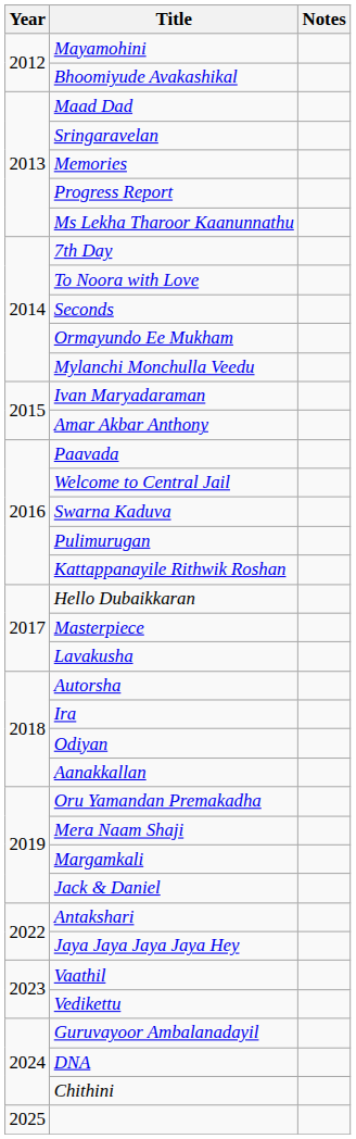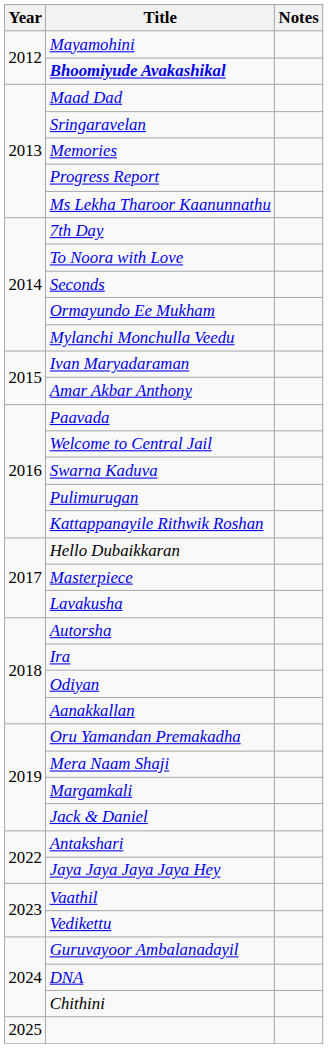 <table class="wikitable sortable">
 <tr>
 <th>Year</th>
 <th>Title</th>
 <th clas="unsortable">Notes</th>
 </tr>
 <tr>
 <td rowspan=2>2012</td>
 <td><em><a href='#'>Mayamohini</a></em></td>
 <td></td>
 </tr>
 <tr>
-<td><em><a href='#'>Bhoomiyude Avakashikal</a></em></td>
+<td><strong><em><a href='#'>Bhoomiyude Avakashikal</a></em></strong></td>
 <td></td>
 </tr>
 <tr>
 <td rowspan="5">2013</td>
 <td><em><a href='#'>Maad Dad</a></em></td>
 <td></td>
 </tr>
 <tr>
 <td><em><a href='#'>Sringaravelan</a></em></td>
 <td></td>
 </tr>
 <tr>
 <td><em><a href='#'>Memories</a></em></td>
 <td></td>
 </tr>
 <tr>
 <td><em><a href='#'>Progress Report</a></em></td>
 <td></td>
 </tr>
 <tr>
 <td><em><a href='#'>Ms Lekha Tharoor Kaanunnathu</a></em></td>
 <td></td>
 </tr>
 <tr>
 <td rowspan="5">2014</td>
 <td><em><a href='#'>7th Day</a></em></td>
 <td></td>
 </tr>
 <tr>
 <td><em><a href='#'>To Noora with Love</a></em></td>
 <td></td>
 </tr>
 <tr>
 <td><em><a href='#'>Seconds</a></em></td>
 <td></td>
 </tr>
 <tr>
 <td><em><a href='#'>Ormayundo Ee Mukham</a></em></td>
 <td></td>
 </tr>
 <tr>
 <td><em><a href='#'>Mylanchi Monchulla Veedu</a></em></td>
 <td></td>
 </tr>
 <tr>
 <td rowspan="2">2015</td>
 <td><em><a href='#'>Ivan Maryadaraman</a></em></td>
 <td></td>
 </tr>
 <tr>
 <td><em><a href='#'>Amar Akbar Anthony</a></em></td>
 <td></td>
 </tr>
 <tr>
 <td rowspan="5">2016</td>
 <td><em><a href='#'>Paavada</a></em></td>
 <td></td>
 </tr>
 <tr>
 <td><em><a href='#'>Welcome to Central Jail</a></em></td>
 <td></td>
 </tr>
 <tr>
 <td><em><a href='#'>Swarna Kaduva</a></em></td>
 <td></td>
 </tr>
 <tr>
 <td><em><a href='#'>Pulimurugan</a></em></td>
 <td></td>
 </tr>
 <tr>
 <td><em><a href='#'>Kattappanayile Rithwik Roshan</a></em></td>
 <td></td>
 </tr>
 <tr>
 <td rowspan="3">2017</td>
 <td><em>Hello Dubaikkaran</em></td>
 <td></td>
 </tr>
 <tr>
 <td><em><a href='#'>Masterpiece</a></em></td>
 <td></td>
 </tr>
 <tr>
 <td><em><a href='#'>Lavakusha</a></em></td>
 <td></td>
 </tr>
 <tr>
 <td rowspan=4>2018</td>
 <td><em><a href='#'>Autorsha</a></em></td>
 <td></td>
 </tr>
 <tr>
 <td><em><a href='#'>Ira</a></em></td>
 <td></td>
 </tr>
 <tr>
 <td><em><a href='#'>Odiyan</a></em></td>
 <td></td>
 </tr>
 <tr>
 <td><em><a href='#'>Aanakkallan</a></em></td>
 <td></td>
 </tr>
 <tr>
 <td rowspan="4">2019</td>
 <td><em><a href='#'>Oru Yamandan Premakadha</a></em></td>
 <td></td>
 </tr>
 <tr>
 <td><em><a href='#'>Mera Naam Shaji</a></em></td>
 <td></td>
 </tr>
 <tr>
 <td><em><a href='#'>Margamkali</a></em></td>
 <td></td>
 </tr>
 <tr>
 <td><em><a href='#'>Jack & Daniel</a></em></td>
 <td></td>
 </tr>
 <tr>
 <td rowspan="2">2022</td>
 <td><em><a href='#'>Antakshari</a></em></td>
 <td></td>
 </tr>
 <tr>
 <td><em><a href='#'>Jaya Jaya Jaya Jaya Hey</a></em></td>
 <td></td>
 </tr>
 <tr>
 <td rowspan=2>2023</td>
 <td><em><a href='#'>Vaathil</a></em></td>
 <td></td>
 </tr>
 <tr>
 <td><em><a href='#'>Vedikettu</a></em></td>
 <td></td>
 </tr>
 <tr>
 <td rowspan=3>2024</td>
 <td><em><a href='#'>Guruvayoor Ambalanadayil</a></em></td>
 <td></td>
 </tr>
 <tr>
 <td><em><a href='#'>DNA</a></em></td>
 <td></td>
 </tr>
 <tr>
 <td><em>Chithini</em></td>
 <td></td>
 </tr>
 <tr>
 <td>2025</td>
 <td></td>
 <td></td>
 </tr>
 <tr>
 </tr>
 </table>
